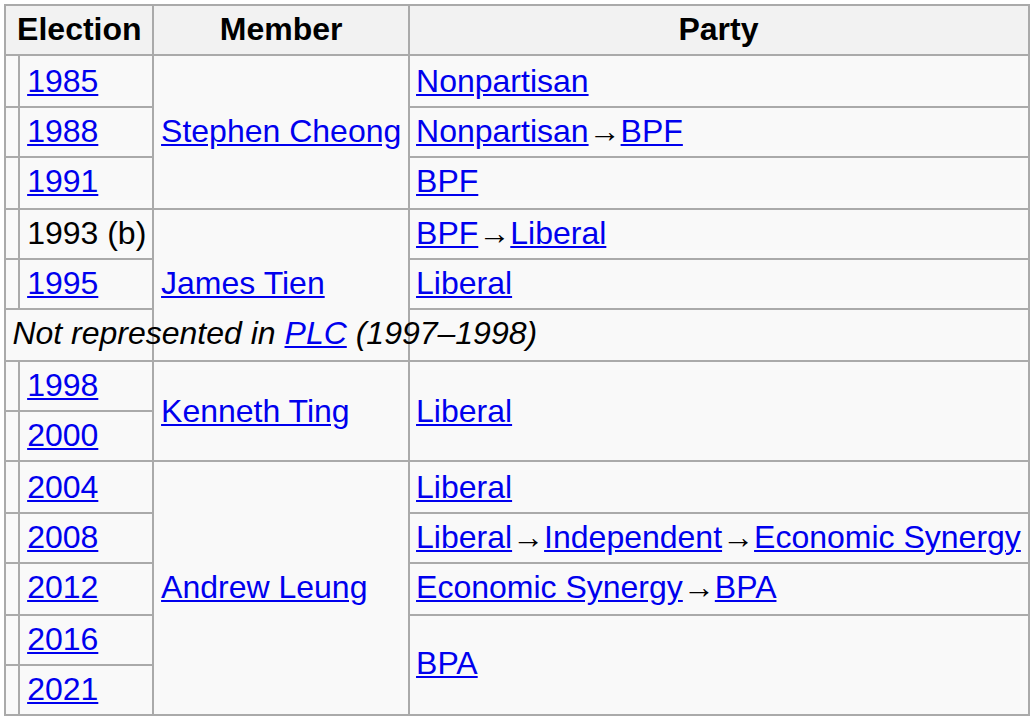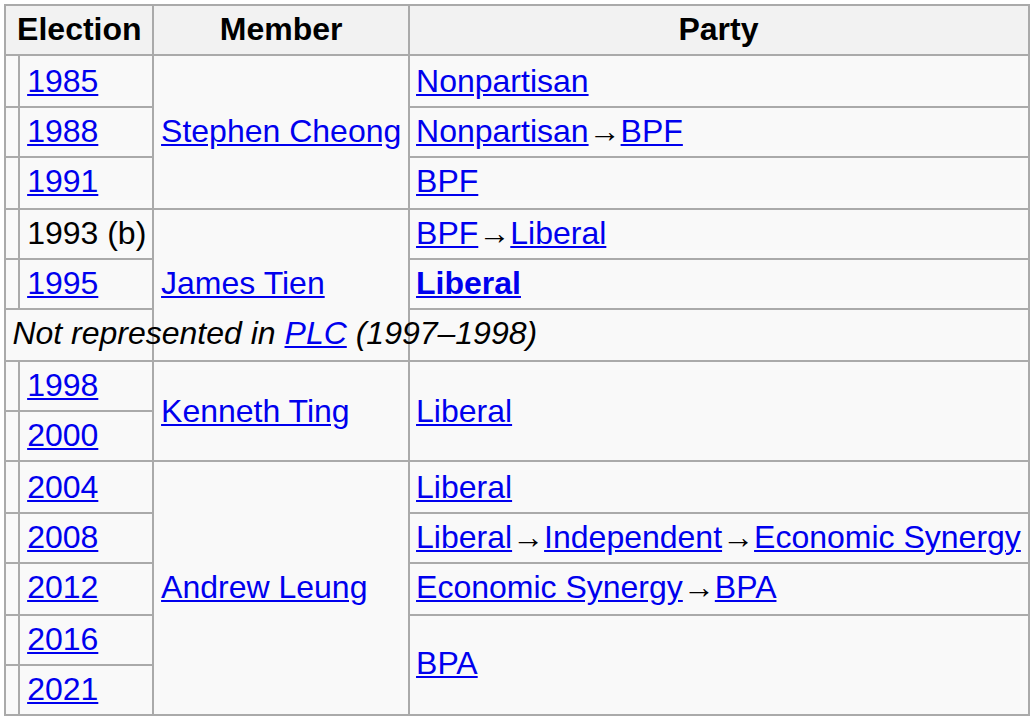 <table class="wikitable">
 <tr>
 <th colspan="2">Election</th>
 <th>Member</th>
 <th>Party</th>
 </tr>
 <tr>
 <td style="background-color: "></td>
 <td><a href='#'>1985</a></td>
 <td rowspan="3"><a href='#'>Stephen Cheong</a></td>
 <td><a href='#'>Nonpartisan</a></td>
 </tr>
 <tr>
 <td style="background-color: "></td>
 <td><a href='#'>1988</a></td>
 <td><a href='#'>Nonpartisan</a>→<a href='#'>BPF</a></td>
 </tr>
 <tr>
 <td style="background-color: "></td>
 <td><a href='#'>1991</a></td>
 <td><a href='#'>BPF</a></td>
 </tr>
 <tr>
 <td style="background-color: "></td>
 <td>1993 (b)</td>
 <td rowspan="3"><a href='#'>James Tien</a></td>
 <td><a href='#'>BPF</a>→<a href='#'>Liberal</a></td>
 </tr>
 <tr>
 <td style="background-color: "></td>
 <td><a href='#'>1995</a></td>
-<td><a href='#'>Liberal</a></td>
+<td><strong><a href='#'>Liberal</a></strong></td>
 </tr>
 <tr>
 <td colspan="4"><em>Not represented in <a href='#'>PLC</a> (1997–1998)</em></td>
 </tr>
 <tr>
 <td style="background-color: "></td>
 <td><a href='#'>1998</a></td>
 <td rowspan="2"><a href='#'>Kenneth Ting</a></td>
 <td rowspan="2"><a href='#'>Liberal</a></td>
 </tr>
 <tr>
 <td style="background-color: "></td>
 <td><a href='#'>2000</a></td>
 </tr>
 <tr>
 <td style="background-color: "></td>
 <td><a href='#'>2004</a></td>
 <td rowspan="8"><a href='#'>Andrew Leung</a></td>
 <td rowspan="1"><a href='#'>Liberal</a></td>
 </tr>
 <tr>
 <td style="background-color: "></td>
 <td><a href='#'>2008</a></td>
 <td><a href='#'>Liberal</a>→<a href='#'>Independent</a>→<a href='#'>Economic Synergy</a></td>
 </tr>
 <tr>
 <td style="background-color: "></td>
 <td><a href='#'>2012</a></td>
 <td><a href='#'>Economic Synergy</a>→<a href='#'>BPA</a></td>
 </tr>
 <tr>
 <td style="background-color: "></td>
 <td><a href='#'>2016</a></td>
 <td rowspan=2><a href='#'>BPA</a></td>
 </tr>
 <tr>
 <td style="background-color: "></td>
 <td><a href='#'>2021</a></td>
 </tr>
 </table>
